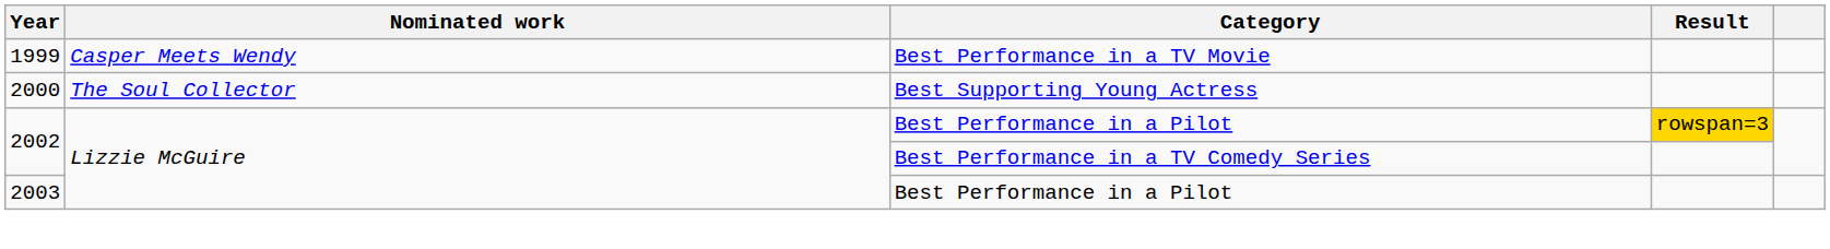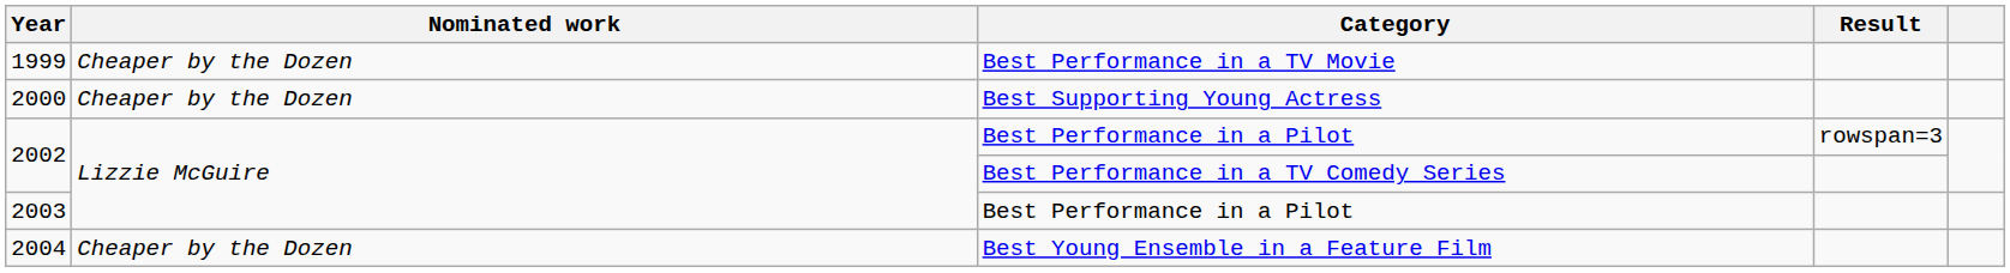 <table class="wikitable sortable">
 <tr>
 <th scope="col" style="width:1em;">Year</th>
 <th scope="col" style="width:39em;">Nominated work</th>
 <th scope="col" style="width:36em;">Category</th>
 <th scope="col" style="width:5em;">Result</th>
 <th scope="col" style="width:2em;" class="unsortable"></th>
 </tr>
 <tr>
 <td>1999</td>
-<td><em><a href='#'>Casper Meets Wendy</a></em></td>
+<td><em>Cheaper by the Dozen</em></td>
 <td><a href='#'>Best Performance in a TV Movie</a></td>
 <td></td>
 <td style="text-align:center;"></td>
 </tr>
 <tr>
 <td>2000</td>
-<td><em><a href='#'>The Soul Collector</a></em></td>
+<td><em>Cheaper by the Dozen</em></td>
 <td><a href='#'>Best Supporting Young Actress</a></td>
 <td></td>
 <td style="text-align:center;"></td>
 </tr>
 <tr>
 <td rowspan=2>2002</td>
 <td rowspan=3><em>Lizzie McGuire</em></td>
 <td><a href='#'>Best Performance in a Pilot</a> </td>
-<td style="background: gold;">rowspan=3 </td>
+<td>rowspan=3 </td>
 <td style="text-align:center;" rowspan=2></td>
 </tr>
 <tr>
 <td><a href='#'>Best Performance in a TV Comedy Series</a></td>
 </tr>
 <tr>
 <td>2003</td>
 <td>Best Performance in a Pilot </td>
 <td style="text-align:center;"></td>
 </tr>
+<tr>
+<td>2004</td>
+<td><em>Cheaper by the Dozen</em></td>
+<td><a href='#'>Best Young Ensemble in a Feature Film</a> </td>
+<td></td>
+<td style="text-align:center;"></td>
+</tr>
 </table>
